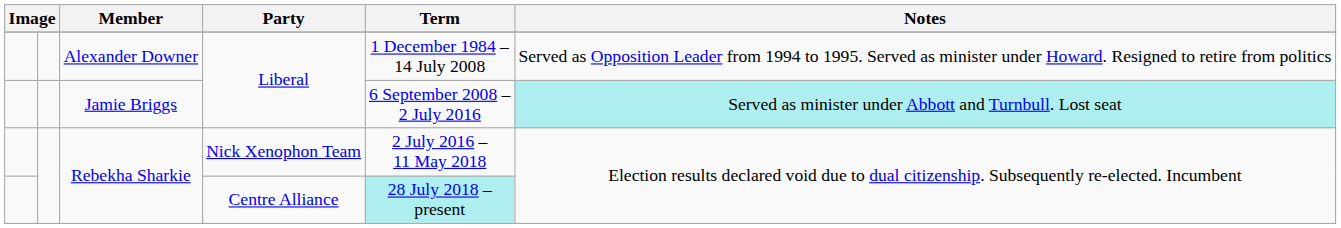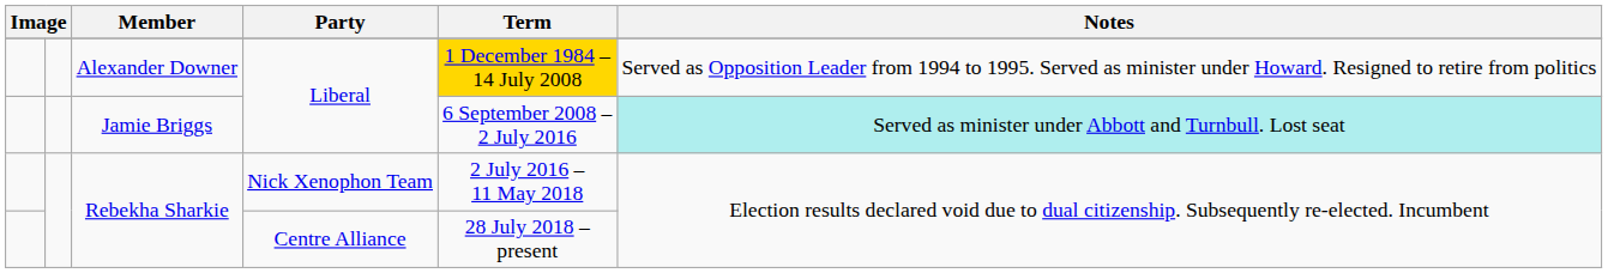 <table class=wikitable style="text-align:center">
 <tr>
 <th colspan=2>Image</th>
 <th>Member</th>
 <th>Party</th>
 <th>Term</th>
 <th>Notes</th>
 </tr>
 <tr>
 </tr>
 <tr>
 <td> </td>
 <td></td>
 <td><a href='#'>Alexander Downer</a><br></td>
 <td rowspan="2"><a href='#'>Liberal</a></td>
-<td nowrap><a href='#'>1 December 1984</a> –<br>14 July 2008</td>
+<td nowrap style="background: gold;"><a href='#'>1 December 1984</a> –<br>14 July 2008</td>
 <td>Served as <a href='#'>Opposition Leader</a> from 1994 to 1995. Served as minister under <a href='#'>Howard</a>. Resigned to retire from politics</td>
 </tr>
 <tr>
 <td> </td>
 <td></td>
 <td><a href='#'>Jamie Briggs</a><br></td>
 <td nowrap><a href='#'>6 September 2008</a> –<br><a href='#'>2 July 2016</a></td>
 <td style="background: paleturquoise;">Served as minister under <a href='#'>Abbott</a> and <a href='#'>Turnbull</a>. Lost seat</td>
 </tr>
 <tr>
 <td> </td>
 <td rowspan=2></td>
 <td rowspan=2><a href='#'>Rebekha Sharkie</a><br></td>
 <td><a href='#'>Nick Xenophon Team</a></td>
 <td nowrap><a href='#'>2 July 2016</a> –<br><a href='#'>11 May 2018</a></td>
 <td rowspan=2>Election results declared void due to <a href='#'>dual citizenship</a>. Subsequently re-elected. Incumbent</td>
 </tr>
 <tr>
 <td> </td>
 <td><a href='#'>Centre Alliance</a></td>
-<td nowrap style="background: paleturquoise;"><a href='#'>28 July 2018</a> –<br>present</td>
+<td nowrap><a href='#'>28 July 2018</a> –<br>present</td>
 </tr>
 </table>
